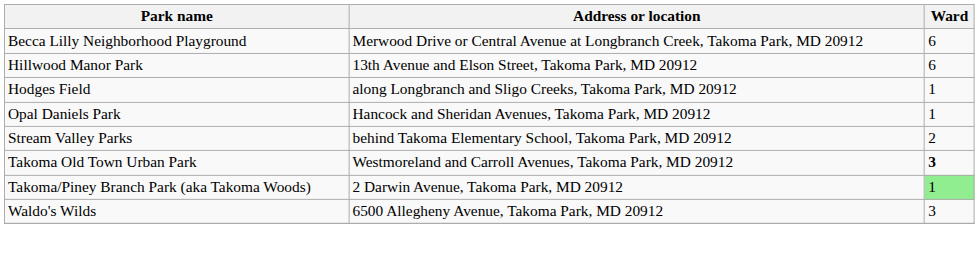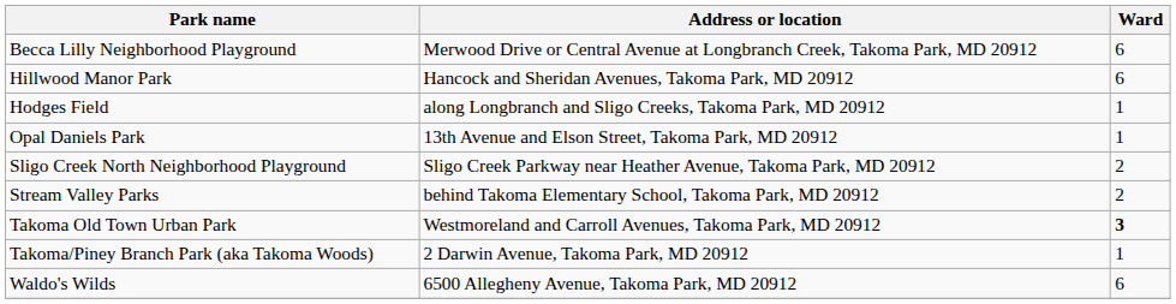 <table class="wikitable" style="width: 80%;">
 <tr>
 <th>Park name</th>
 <th>Address or location</th>
 <th>Ward</th>
 </tr>
 <tr>
 <td>Becca Lilly Neighborhood Playground</td>
 <td>Merwood Drive or Central Avenue at Longbranch Creek, Takoma Park, MD 20912</td>
 <td>6</td>
 </tr>
 <tr>
 <td>Hillwood Manor Park</td>
-<td>13th Avenue and Elson Street, Takoma Park, MD 20912</td>
+<td>Hancock and Sheridan Avenues, Takoma Park, MD 20912</td>
 <td>6</td>
 </tr>
 <tr>
 <td>Hodges Field</td>
 <td>along Longbranch and Sligo Creeks, Takoma Park, MD 20912</td>
 <td>1</td>
 </tr>
 <tr>
 <td>Opal Daniels Park</td>
-<td>Hancock and Sheridan Avenues, Takoma Park, MD 20912</td>
+<td>13th Avenue and Elson Street, Takoma Park, MD 20912</td>
 <td>1</td>
+</tr>
+<tr>
+<td>Sligo Creek North Neighborhood Playground</td>
+<td>Sligo Creek Parkway near Heather Avenue, Takoma Park, MD 20912</td>
+<td>2</td>
 </tr>
 <tr>
 <td>Stream Valley Parks</td>
 <td>behind Takoma Elementary School, Takoma Park, MD 20912</td>
 <td>2</td>
 </tr>
 <tr>
 <td>Takoma Old Town Urban Park</td>
 <td>Westmoreland and Carroll Avenues, Takoma Park, MD 20912</td>
 <td><strong>3</strong></td>
 </tr>
 <tr>
 <td>Takoma/Piney Branch Park (aka Takoma Woods)</td>
 <td>2 Darwin Avenue, Takoma Park, MD 20912</td>
-<td style="background: lightgreen;">1</td>
+<td>1</td>
 </tr>
 <tr>
 <td>Waldo's Wilds</td>
 <td>6500 Allegheny Avenue, Takoma Park, MD 20912</td>
-<td>3</td>
+<td>6</td>
 </tr>
 <tr>
 </tr>
 </table>
